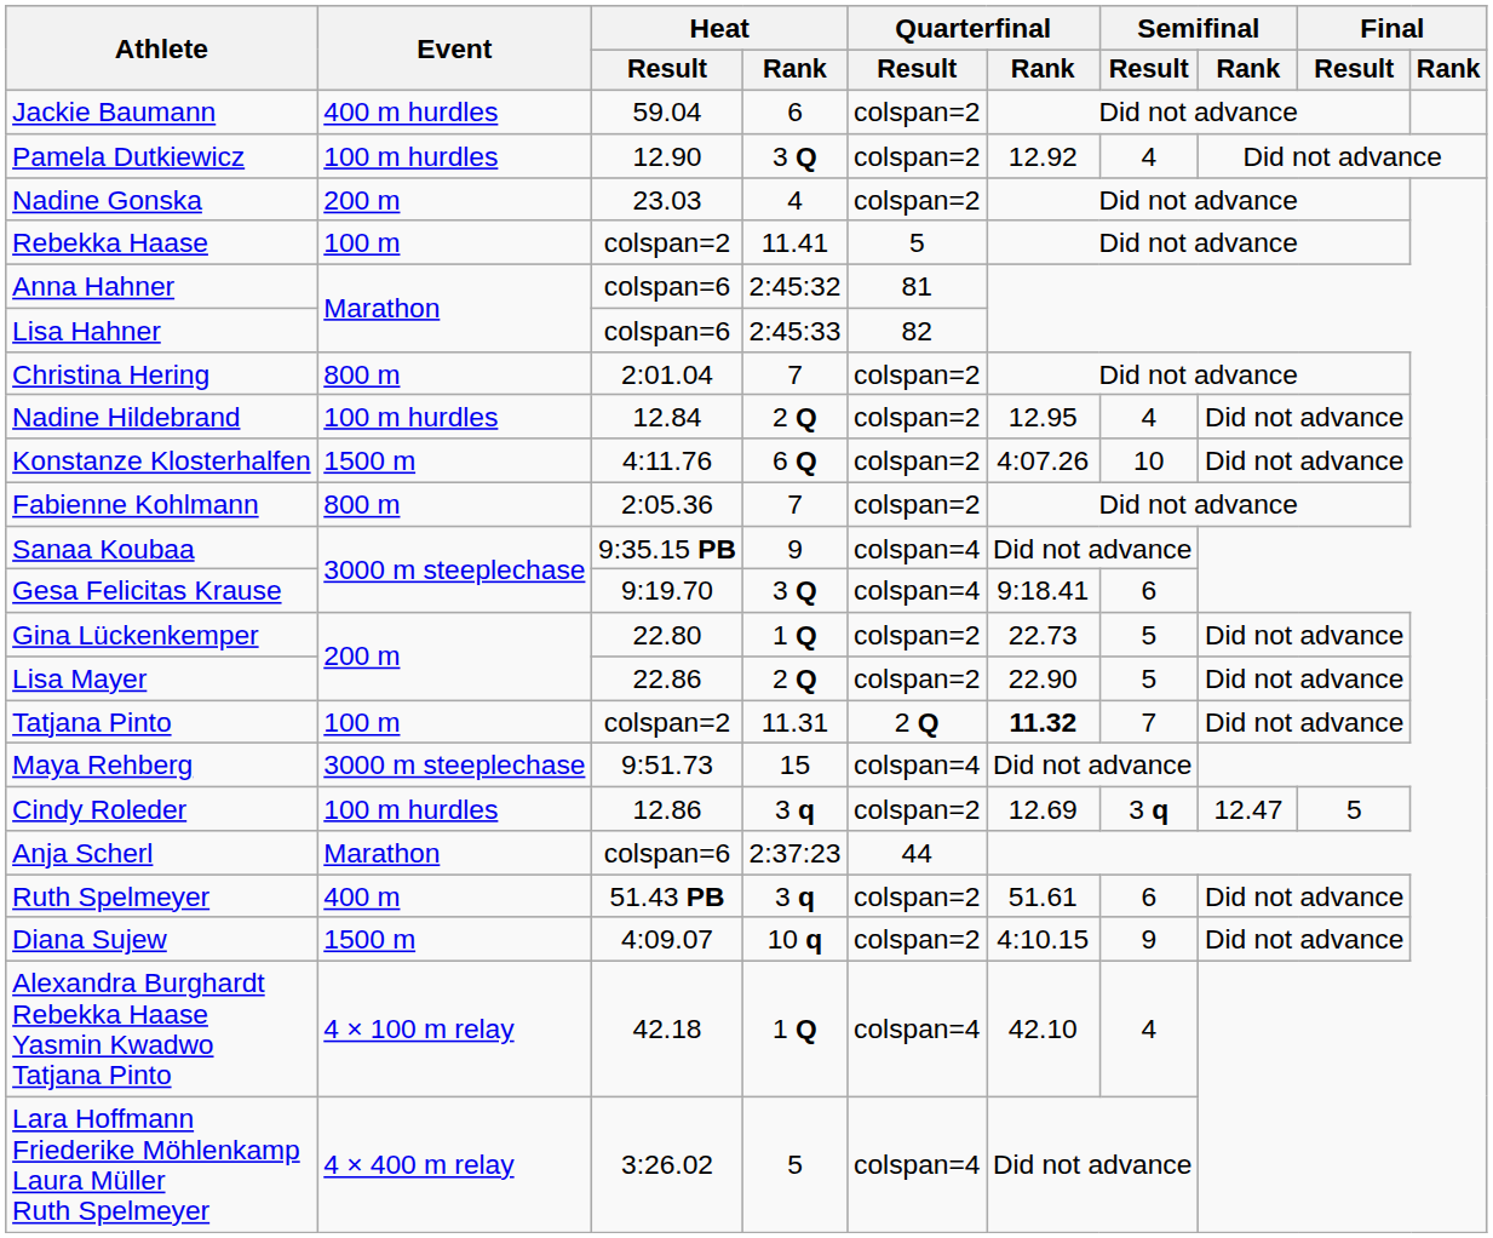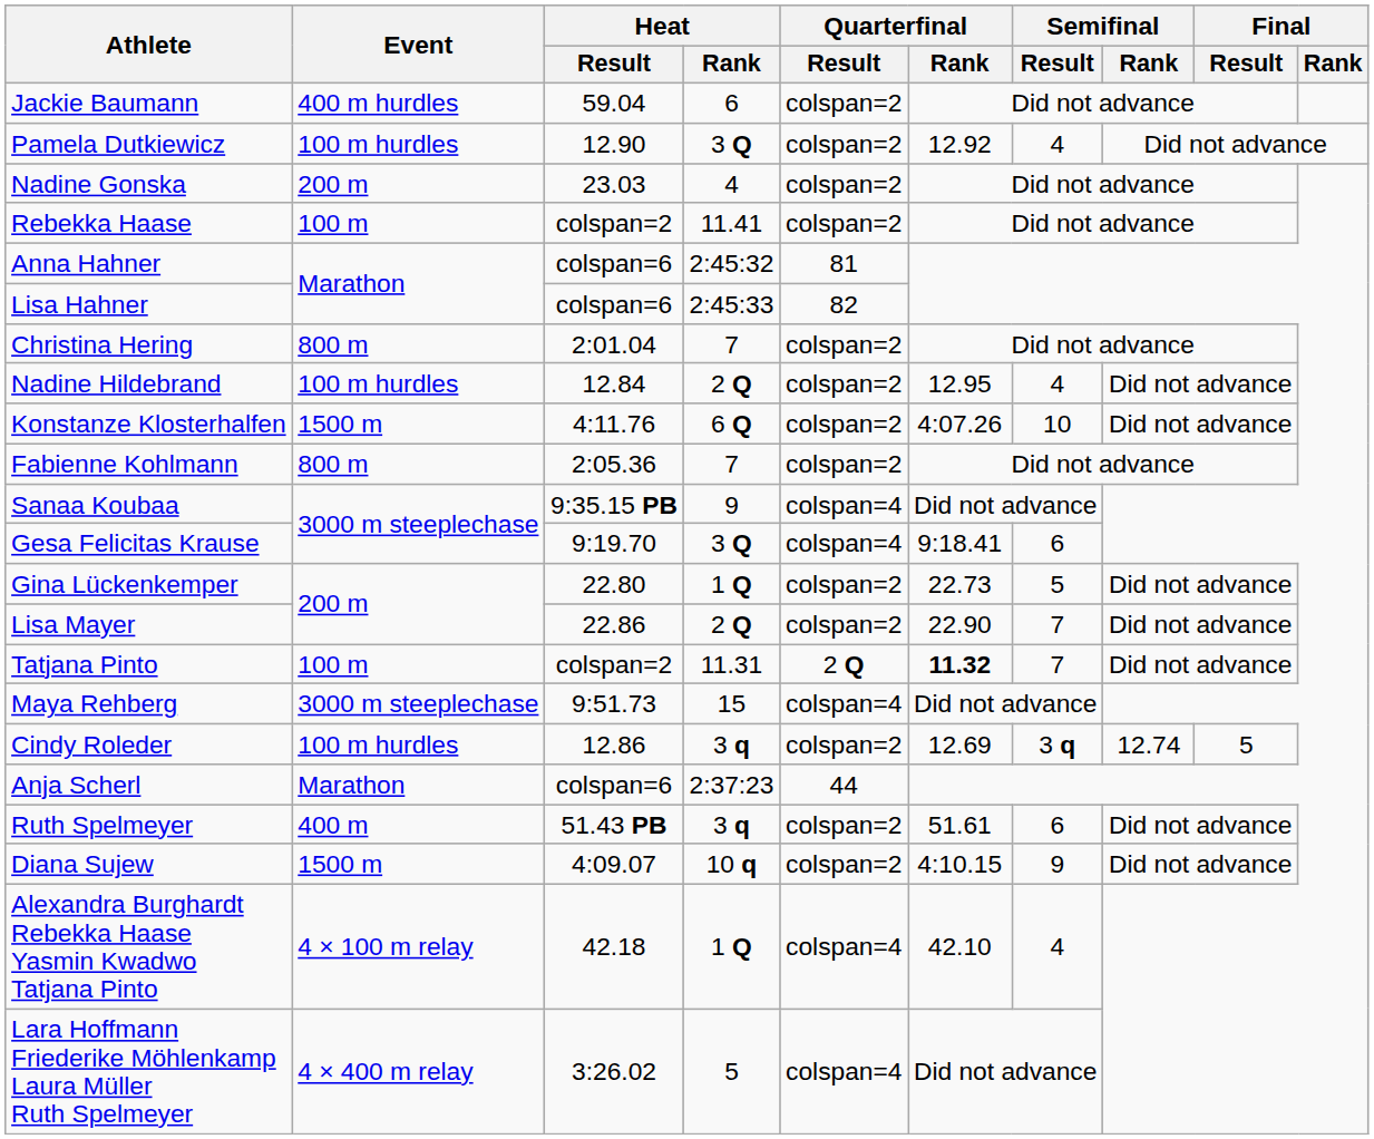 <table class="wikitable" style="font-size:90%">
 <tr>
 <th rowspan="2">Athlete</th>
 <th rowspan="2">Event</th>
 <th colspan="2">Heat</th>
 <th colspan="2">Quarterfinal</th>
 <th colspan="2">Semifinal</th>
 <th colspan="2">Final</th>
 </tr>
 <tr style="font-size:95%">
 <th>Result</th>
 <th>Rank</th>
 <th>Result</th>
 <th>Rank</th>
 <th>Result</th>
 <th>Rank</th>
 <th>Result</th>
 <th>Rank</th>
 </tr>
 <tr align=center>
 <td align=left><a href='#'>Jackie Baumann</a></td>
 <td align=left><a href='#'>400 m hurdles</a></td>
 <td>59.04</td>
 <td>6</td>
 <td>colspan=2 </td>
 <td colspan=4>Did not advance</td>
 </tr>
 <tr align=center>
 <td align=left><a href='#'>Pamela Dutkiewicz</a></td>
 <td align=left><a href='#'>100 m hurdles</a></td>
 <td>12.90</td>
 <td>3 <strong>Q</strong></td>
 <td>colspan=2 </td>
 <td>12.92</td>
 <td>4</td>
 <td colspan=4>Did not advance</td>
 </tr>
 <tr align=center>
 <td align=left><a href='#'>Nadine Gonska</a></td>
 <td align=left><a href='#'>200 m</a></td>
 <td>23.03</td>
 <td>4</td>
 <td>colspan=2 </td>
 <td colspan=4>Did not advance</td>
 </tr>
 <tr align=center>
 <td align=left><a href='#'>Rebekka Haase</a></td>
 <td align=left><a href='#'>100 m</a></td>
 <td>colspan=2 </td>
 <td>11.41</td>
-<td>5</td>
+<td>colspan=2 </td>
 <td colspan=4>Did not advance</td>
 </tr>
 <tr align=center>
 <td align=left><a href='#'>Anna Hahner</a></td>
 <td align=left rowspan=2><a href='#'>Marathon</a></td>
 <td>colspan=6 </td>
 <td>2:45:32</td>
 <td>81</td>
 </tr>
 <tr align=center>
 <td align=left><a href='#'>Lisa Hahner</a></td>
 <td>colspan=6 </td>
 <td>2:45:33</td>
 <td>82</td>
 </tr>
 <tr align=center>
 <td align=left><a href='#'>Christina Hering</a></td>
 <td align=left><a href='#'>800 m</a></td>
 <td>2:01.04</td>
 <td>7</td>
 <td>colspan=2 </td>
 <td colspan=4>Did not advance</td>
 </tr>
 <tr align=center>
 <td align=left><a href='#'>Nadine Hildebrand</a></td>
 <td align=left><a href='#'>100 m hurdles</a></td>
 <td>12.84</td>
 <td>2 <strong>Q</strong></td>
 <td>colspan=2 </td>
 <td>12.95</td>
 <td>4</td>
 <td colspan=2>Did not advance</td>
 </tr>
 <tr align=center>
 <td align=left><a href='#'>Konstanze Klosterhalfen</a></td>
 <td align=left><a href='#'>1500 m</a></td>
 <td>4:11.76</td>
 <td>6 <strong>Q</strong></td>
 <td>colspan=2 </td>
 <td>4:07.26</td>
 <td>10</td>
 <td colspan=2>Did not advance</td>
 </tr>
 <tr align=center>
 <td align=left><a href='#'>Fabienne Kohlmann</a></td>
 <td align=left><a href='#'>800 m</a></td>
 <td>2:05.36</td>
 <td>7</td>
 <td>colspan=2 </td>
 <td colspan=4>Did not advance</td>
 </tr>
 <tr align=center>
 <td align=left><a href='#'>Sanaa Koubaa</a></td>
 <td align=left rowspan=2><a href='#'>3000 m steeplechase</a></td>
 <td>9:35.15 <strong>PB</strong></td>
 <td>9</td>
 <td>colspan=4 </td>
 <td colspan=2>Did not advance</td>
 </tr>
 <tr align=center>
 <td align=left><a href='#'>Gesa Felicitas Krause</a></td>
 <td>9:19.70</td>
 <td>3 <strong>Q</strong></td>
 <td>colspan=4 </td>
 <td>9:18.41</td>
 <td>6</td>
 </tr>
 <tr align=center>
 <td align=left><a href='#'>Gina Lückenkemper</a></td>
 <td align=left rowspan=2><a href='#'>200 m</a></td>
 <td>22.80</td>
 <td>1 <strong>Q</strong></td>
 <td>colspan=2 </td>
 <td>22.73</td>
 <td>5</td>
 <td colspan=2>Did not advance</td>
 </tr>
 <tr align=center>
 <td align=left><a href='#'>Lisa Mayer</a></td>
 <td>22.86</td>
 <td>2 <strong>Q</strong></td>
 <td>colspan=2 </td>
 <td>22.90</td>
-<td>5</td>
+<td>7</td>
 <td colspan=2>Did not advance</td>
 </tr>
 <tr align=center>
 <td align=left><a href='#'>Tatjana Pinto</a></td>
 <td align=left><a href='#'>100 m</a></td>
 <td>colspan=2 </td>
 <td>11.31</td>
 <td>2 <strong>Q</strong></td>
 <td><strong>11.32</strong></td>
 <td>7</td>
 <td colspan=2>Did not advance</td>
 </tr>
 <tr align=center>
 <td align=left><a href='#'>Maya Rehberg</a></td>
 <td align=left><a href='#'>3000 m steeplechase</a></td>
 <td>9:51.73</td>
 <td>15</td>
 <td>colspan=4 </td>
 <td colspan=2>Did not advance</td>
 </tr>
 <tr align=center>
 <td align=left><a href='#'>Cindy Roleder</a></td>
 <td align=left><a href='#'>100 m hurdles</a></td>
 <td>12.86</td>
 <td>3 <strong>q</strong></td>
 <td>colspan=2 </td>
 <td>12.69</td>
 <td>3 <strong>q</strong></td>
-<td>12.47</td>
+<td>12.74</td>
 <td>5</td>
 </tr>
 <tr align=center>
 <td align=left><a href='#'>Anja Scherl</a></td>
 <td align=left><a href='#'>Marathon</a></td>
 <td>colspan=6 </td>
 <td>2:37:23</td>
 <td>44</td>
 </tr>
 <tr align=center>
 <td align=left><a href='#'>Ruth Spelmeyer</a></td>
 <td align=left><a href='#'>400 m</a></td>
 <td>51.43 <strong>PB</strong></td>
 <td>3 <strong>q</strong></td>
 <td>colspan=2 </td>
 <td>51.61</td>
 <td>6</td>
 <td colspan=2>Did not advance</td>
 </tr>
 <tr align=center>
 <td align=left><a href='#'>Diana Sujew</a></td>
 <td align=left><a href='#'>1500 m</a></td>
 <td>4:09.07</td>
 <td>10 <strong>q</strong></td>
 <td>colspan=2 </td>
 <td>4:10.15</td>
 <td>9</td>
 <td colspan=2>Did not advance</td>
 </tr>
 <tr align=center>
 <td align=left><a href='#'>Alexandra Burghardt</a><br><a href='#'>Rebekka Haase</a><br><a href='#'>Yasmin Kwadwo</a><br><a href='#'>Tatjana Pinto</a></td>
 <td align=left><a href='#'>4 × 100 m relay</a></td>
 <td>42.18</td>
 <td>1 <strong>Q</strong></td>
 <td>colspan=4 </td>
 <td>42.10</td>
 <td>4</td>
 </tr>
 <tr align=center>
 <td align=left><a href='#'>Lara Hoffmann</a><br><a href='#'>Friederike Möhlenkamp</a><br><a href='#'>Laura Müller</a><br><a href='#'>Ruth Spelmeyer</a></td>
 <td align=left><a href='#'>4 × 400 m relay</a></td>
 <td>3:26.02</td>
 <td>5</td>
 <td>colspan=4 </td>
 <td colspan=2>Did not advance</td>
 </tr>
 </table>
